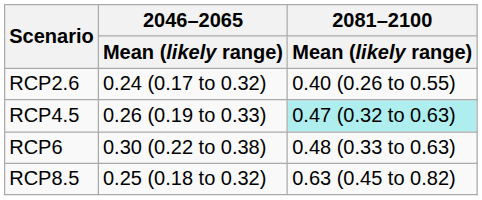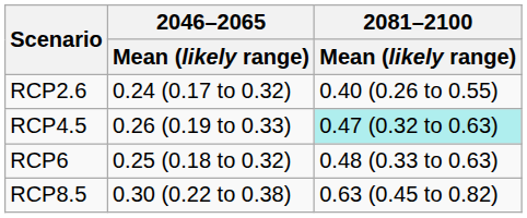 <table class="wikitable">
 <tr>
 <th rowspan="2">Scenario</th>
 <th>2046–2065</th>
 <th>2081–2100</th>
 </tr>
 <tr>
 <th>Mean (<em>likely</em> range)</th>
 <th>Mean (<em>likely</em> range)</th>
 </tr>
 <tr>
 <td>RCP2.6</td>
 <td>0.24 (0.17 to 0.32)</td>
 <td>0.40 (0.26 to 0.55)</td>
 </tr>
 <tr>
 <td>RCP4.5</td>
 <td>0.26 (0.19 to 0.33)</td>
 <td style="background: paleturquoise;">0.47 (0.32 to 0.63)</td>
 </tr>
 <tr>
 <td>RCP6</td>
-<td>0.30 (0.22 to 0.38)</td>
+<td>0.25 (0.18 to 0.32)</td>
 <td>0.48 (0.33 to 0.63)</td>
 </tr>
 <tr>
 <td>RCP8.5</td>
-<td>0.25 (0.18 to 0.32)</td>
+<td>0.30 (0.22 to 0.38)</td>
 <td>0.63 (0.45 to 0.82)</td>
 </tr>
 </table>
